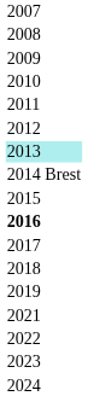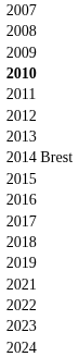 <table>
 <tr>
 <td>2007</td>
 <td></td>
 <td></td>
 <td></td>
 </tr>
 <tr>
 <td>2008</td>
 <td></td>
 <td></td>
 <td></td>
 </tr>
 <tr>
 <td>2009</td>
 <td></td>
 <td></td>
 <td></td>
 </tr>
 <tr>
-<td>2010</td>
+<td><strong>2010</strong></td>
 <td></td>
 <td></td>
 <td></td>
 </tr>
 <tr>
 <td>2011</td>
 <td></td>
 <td></td>
 <td></td>
 </tr>
 <tr>
 <td>2012</td>
 <td></td>
 <td></td>
 <td></td>
 </tr>
 <tr>
-<td style="background: paleturquoise;">2013</td>
+<td>2013</td>
 <td></td>
 <td></td>
 <td></td>
 </tr>
 <tr>
 <td>2014 Brest</td>
 <td></td>
 <td></td>
 <td></td>
 </tr>
 <tr>
 <td>2015</td>
 <td></td>
 <td></td>
 <td></td>
 </tr>
 <tr>
-<td><strong>2016</strong></td>
+<td>2016</td>
 <td></td>
 <td></td>
 <td></td>
 </tr>
 <tr>
 <td>2017</td>
 <td></td>
 <td></td>
 <td></td>
 </tr>
 <tr>
 <td>2018</td>
 <td></td>
 <td></td>
 <td></td>
 </tr>
 <tr>
 <td>2019</td>
 <td></td>
 <td></td>
 <td></td>
 </tr>
 <tr>
 <td>2021</td>
 <td></td>
 <td></td>
 <td></td>
 </tr>
 <tr>
 <td>2022</td>
 <td></td>
 <td></td>
 <td></td>
 <td></td>
 </tr>
 <tr>
 <td>2023</td>
 <td></td>
 <td></td>
 <td></td>
 <td></td>
 </tr>
 <tr>
 <td>2024</td>
 <td></td>
 <td></td>
 <td></td>
 <td></td>
 </tr>
 </table>
